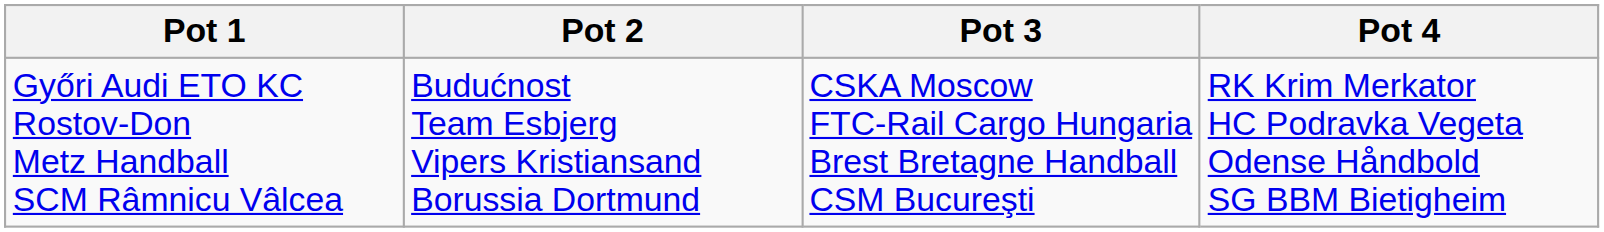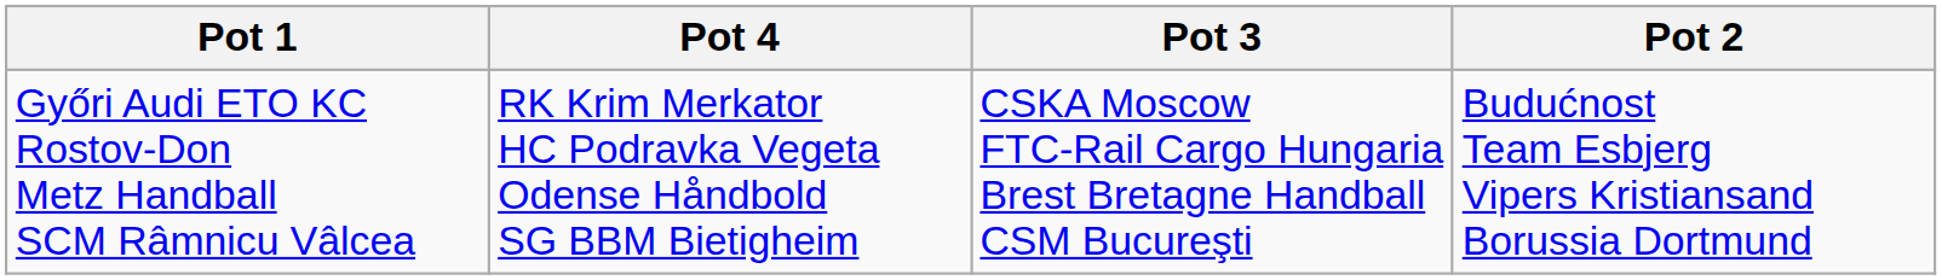 <table class="wikitable">
 <tr>
 <th style="width:25%;">Pot 1</th>
+<th style="width:25%;">Pot 4</th>
+<th style="width:25%;">Pot 3</th>
 <th style="width:25%;">Pot 2</th>
-<th style="width:25%;">Pot 3</th>
-<th style="width:25%;">Pot 4</th>
 </tr>
 <tr>
 <td valign="top"> <a href='#'>Győri Audi ETO KC</a><br> <a href='#'>Rostov-Don</a><br> <a href='#'>Metz Handball</a><br> <a href='#'>SCM Râmnicu Vâlcea</a></td>
+<td valign="top"> <a href='#'>RK Krim Merkator</a><br> <a href='#'>HC Podravka Vegeta</a><br> <a href='#'>Odense Håndbold</a><br> <a href='#'>SG BBM Bietigheim</a></td>
+<td valign="top"> <a href='#'>CSKA Moscow</a><br> <a href='#'>FTC-Rail Cargo Hungaria</a><br> <a href='#'>Brest Bretagne Handball</a><br> <a href='#'>CSM Bucureşti</a></td>
 <td valign="top"> <a href='#'>Budućnost</a><br> <a href='#'>Team Esbjerg</a><br> <a href='#'>Vipers Kristiansand</a><br> <a href='#'>Borussia Dortmund</a></td>
-<td valign="top"> <a href='#'>CSKA Moscow</a><br> <a href='#'>FTC-Rail Cargo Hungaria</a><br> <a href='#'>Brest Bretagne Handball</a><br> <a href='#'>CSM Bucureşti</a></td>
-<td valign="top"> <a href='#'>RK Krim Merkator</a><br> <a href='#'>HC Podravka Vegeta</a><br> <a href='#'>Odense Håndbold</a><br> <a href='#'>SG BBM Bietigheim</a></td>
 </tr>
 </table>
